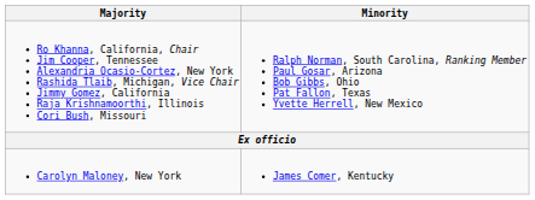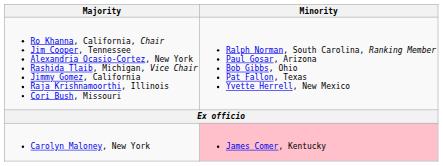 <table class=wikitable>
 <tr>
 <th>Majority</th>
 <th>Minority</th>
 </tr>
 <tr>
 <td><br><ul><li><a href='#'>Ro Khanna</a>, California, <em>Chair</em></li><li><a href='#'>Jim Cooper</a>, Tennessee</li><li><a href='#'>Alexandria Ocasio-Cortez</a>, New York</li><li><a href='#'>Rashida Tlaib</a>, Michigan, <em>Vice Chair</em></li><li><a href='#'>Jimmy Gomez</a>, California</li><li><a href='#'>Raja Krishnamoorthi</a>, Illinois</li><li><a href='#'>Cori Bush</a>, Missouri</li></ul></td>
 <td><br><ul><li><a href='#'>Ralph Norman</a>, South Carolina, <em>Ranking Member</em></li><li><a href='#'>Paul Gosar</a>, Arizona</li><li><a href='#'>Bob Gibbs</a>, Ohio</li><li><a href='#'>Pat Fallon</a>, Texas</li><li><a href='#'>Yvette Herrell</a>, New Mexico</li></ul></td>
 </tr>
 <tr>
 <th colspan=2><em>Ex officio</em></th>
 </tr>
 <tr>
 <td><br><ul><li><a href='#'>Carolyn Maloney</a>, New York</li></ul></td>
-<td><br><ul><li><a href='#'>James Comer</a>, Kentucky</li></ul></td>
+<td style="background: pink;"><br><ul><li><a href='#'>James Comer</a>, Kentucky</li></ul></td>
 </tr>
 </table>
